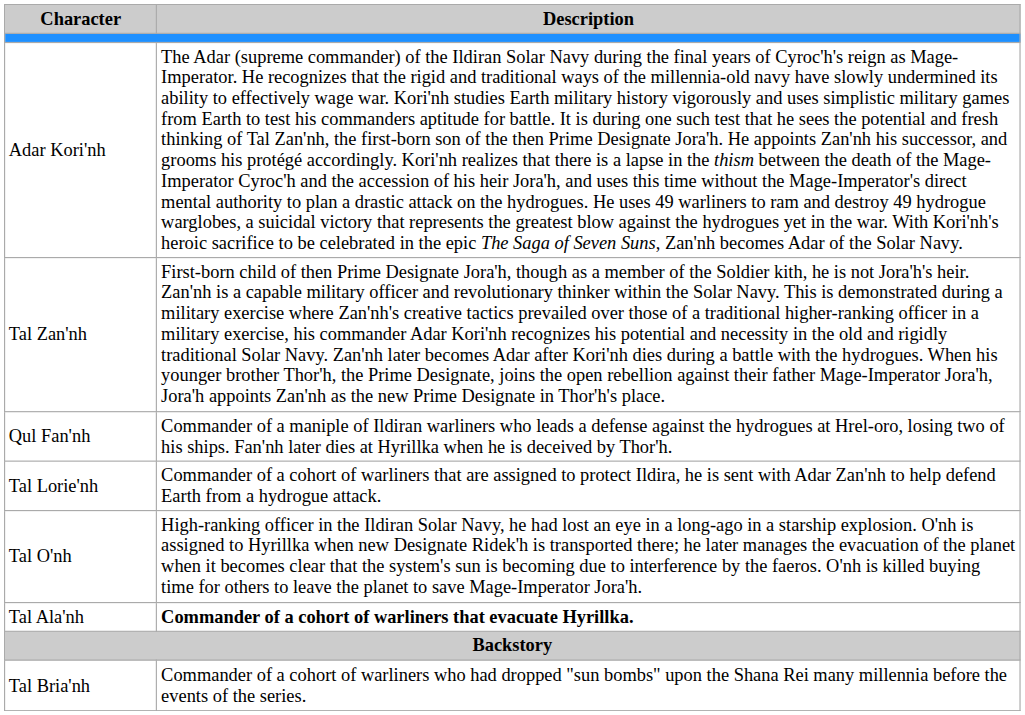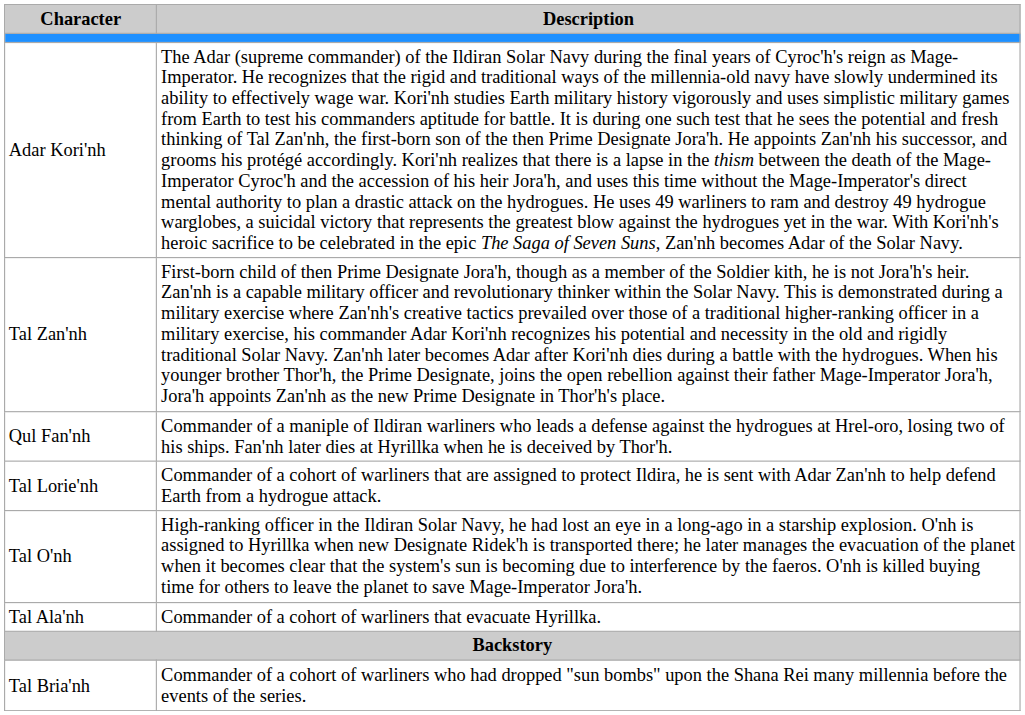 <table class="wikitable" style="width:100%; margin-right:auto; background:#fff;">
 <tr style="color:black">
 <th style="background:#ccc; width:15%;">Character</th>
 <th style="background:#ccc; width:85%;">Description</th>
 </tr>
 <tr>
 <td colspan="3" style="background:#1E90FF;"></td>
 </tr>
 <tr>
 <td>Adar Kori'nh</td>
 <td>The Adar (supreme commander) of the Ildiran Solar Navy during the final years of Cyroc'h's reign as Mage-Imperator. He recognizes that the rigid and traditional ways of the millennia-old navy have slowly undermined its ability to effectively wage war. Kori'nh studies Earth military history vigorously and uses simplistic military games from Earth to test his commanders aptitude for battle. It is during one such test that he sees the potential and fresh thinking of Tal Zan'nh, the first-born son of the then Prime Designate Jora'h. He appoints Zan'nh his successor, and grooms his protégé accordingly. Kori'nh realizes that there is a lapse in the <em>thism</em> between the death of the Mage-Imperator Cyroc'h and the accession of his heir Jora'h, and uses this time without the Mage-Imperator's direct mental authority to plan a drastic attack on the hydrogues. He uses 49 warliners to ram and destroy 49 hydrogue warglobes, a suicidal victory that represents the greatest blow against the hydrogues yet in the war. With Kori'nh's heroic sacrifice to be celebrated in the epic <em>The Saga of Seven Suns</em>, Zan'nh becomes Adar of the Solar Navy.</td>
 </tr>
 <tr>
 <td>Tal Zan'nh</td>
 <td>First-born child of then Prime Designate Jora'h, though as a member of the Soldier kith, he is not Jora'h's heir. Zan'nh is a capable military officer and revolutionary thinker within the Solar Navy. This is demonstrated during a military exercise where Zan'nh's creative tactics prevailed over those of a traditional higher-ranking officer in a military exercise, his commander Adar Kori'nh recognizes his potential and necessity in the old and rigidly traditional Solar Navy. Zan'nh later becomes Adar after Kori'nh dies during a battle with the hydrogues. When his younger brother Thor'h, the Prime Designate, joins the open rebellion against their father Mage-Imperator Jora'h, Jora'h appoints Zan'nh as the new Prime Designate in Thor'h's place.</td>
 </tr>
 <tr>
 <td>Qul Fan'nh</td>
 <td>Commander of a maniple of Ildiran warliners who leads a defense against the hydrogues at Hrel-oro, losing two of his ships. Fan'nh later dies at Hyrillka when he is deceived by Thor'h.</td>
 </tr>
 <tr>
 <td>Tal Lorie'nh</td>
 <td>Commander of a cohort of warliners that are assigned to protect Ildira, he is sent with Adar Zan'nh to help defend Earth from a hydrogue attack.</td>
 </tr>
 <tr>
 <td>Tal O'nh</td>
 <td>High-ranking officer in the Ildiran Solar Navy, he had lost an eye in a long-ago in a starship explosion. O'nh is assigned to Hyrillka when new Designate Ridek'h is transported there; he later manages the evacuation of the planet when it becomes clear that the system's sun is becoming due to interference by the faeros. O'nh is killed buying time for others to leave the planet to save Mage-Imperator Jora'h.</td>
 </tr>
 <tr>
 <td>Tal Ala'nh</td>
-<td><strong>Commander of a cohort of warliners that evacuate Hyrillka.</strong></td>
+<td>Commander of a cohort of warliners that evacuate Hyrillka.</td>
 </tr>
 <tr>
 <th colspan="3" style="background:#ccc; width:85%;">Backstory</th>
 </tr>
 <tr>
 <td>Tal Bria'nh</td>
 <td>Commander of a cohort of warliners who had dropped "sun bombs" upon the Shana Rei many millennia before the events of the series.</td>
 </tr>
 </table>
